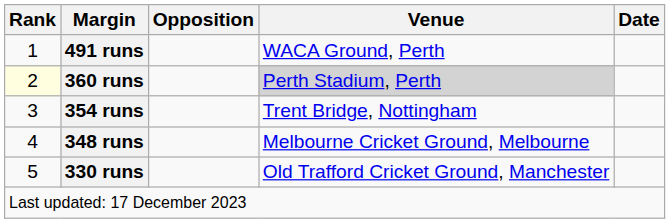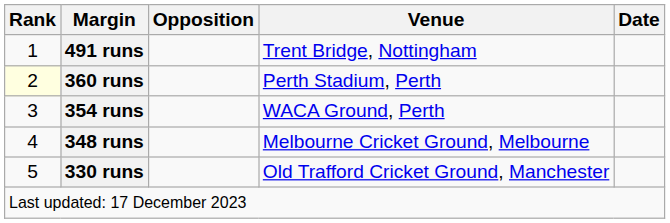 <table class="wikitable plainrowheaders sortable">
 <tr>
 <th scope="col">Rank</th>
 <th scope="col">Margin</th>
 <th scope="col">Opposition</th>
 <th scope="col">Venue</th>
 <th scope="col">Date</th>
 </tr>
 <tr>
 <td align=center>1</td>
 <th scope="row" style="text-align:center;">491 runs</th>
 <td></td>
-<td><a href='#'>WACA Ground</a>, <a href='#'>Perth</a></td>
+<td><a href='#'>Trent Bridge</a>, <a href='#'>Nottingham</a></td>
 <td></td>
 </tr>
 <tr>
 <td align=center style="background: lightyellow;">2</td>
 <th scope="row" style="text-align:center;">360 runs</th>
 <td></td>
-<td style="background: lightgrey;"><a href='#'>Perth Stadium</a>, <a href='#'>Perth</a></td>
+<td><a href='#'>Perth Stadium</a>, <a href='#'>Perth</a></td>
 <td></td>
 </tr>
 <tr>
 <td align=center>3</td>
 <th scope="row" style="text-align:center;">354 runs</th>
 <td></td>
-<td><a href='#'>Trent Bridge</a>, <a href='#'>Nottingham</a></td>
+<td><a href='#'>WACA Ground</a>, <a href='#'>Perth</a></td>
 <td></td>
 </tr>
 <tr>
 <td align=center>4</td>
 <th scope="row" style="text-align:center;">348 runs</th>
 <td></td>
 <td><a href='#'>Melbourne Cricket Ground</a>, <a href='#'>Melbourne</a></td>
 <td></td>
 </tr>
 <tr>
 <td align=center>5</td>
 <th scope="row" style="text-align:center;">330 runs</th>
 <td></td>
 <td><a href='#'>Old Trafford Cricket Ground</a>, <a href='#'>Manchester</a></td>
 <td></td>
 </tr>
 <tr |- class=sortbottom>
 <td colspan=5><small>Last updated: 17 December 2023 </small></td>
 </tr>
 </table>
